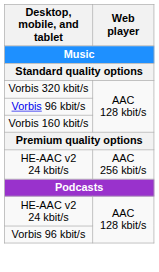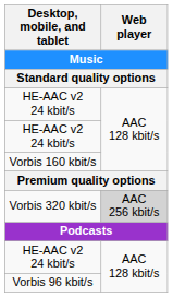 <table class="wikitable floatright collapsible" style="width:25%;text-align:center;">
 <tr>
 <th>Desktop, mobile, and tablet</th>
 <th>Web player</th>
 </tr>
 <tr>
 <th colspan="2" style="background:#1e90ff; color:white;">Music</th>
 </tr>
 <tr>
 <th colspan="2">Standard quality options</th>
 </tr>
 <tr>
-<td>Vorbis 320 kbit/s</td>
+<td>HE-AAC v2 24 kbit/s</td>
 <td rowspan="3">AAC 128 kbit/s</td>
 </tr>
 <tr>
-<td><a href='#'>Vorbis</a> 96 kbit/s</td>
+<td>HE-AAC v2 24 kbit/s</td>
 </tr>
 <tr>
 <td>Vorbis 160 kbit/s</td>
 </tr>
 <tr>
 <th colspan="2">Premium quality options</th>
 </tr>
 <tr>
-<td>HE-AAC v2 24 kbit/s</td>
-<td>AAC 256 kbit/s</td>
+<td>Vorbis 320 kbit/s</td>
+<td style="background: lightgrey;">AAC 256 kbit/s</td>
 </tr>
 <tr>
 <th colspan="2" style="background:#9932cc; color:white;">Podcasts</th>
 </tr>
 <tr>
 <td>HE-AAC v2 24 kbit/s</td>
 <td rowspan="2">AAC 128 kbit/s</td>
 </tr>
 <tr>
 <td>Vorbis 96 kbit/s</td>
 </tr>
 </table>
